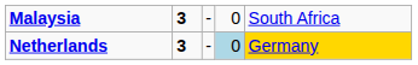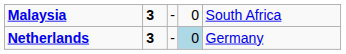 <table class="wikitable">
 <tr>
 <td width=150> <strong><a href='#'>Malaysia</a></strong></td>
 <td width=20 align="left"><strong>3</strong></td>
 <td>-</td>
 <td width=20 align="right">0</td>
 <td width=150> <a href='#'>South Africa</a></td>
 </tr>
 <tr>
 <td> <strong><a href='#'>Netherlands</a></strong></td>
 <td align="left"><strong>3</strong></td>
 <td>-</td>
 <td align="right" style="background: lightblue;">0</td>
-<td style="background: gold;"> <a href='#'>Germany</a></td>
+<td> <a href='#'>Germany</a></td>
 </tr>
 </table>
